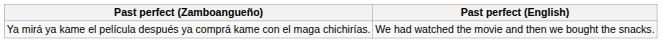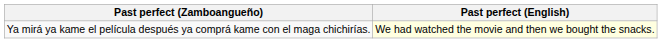 <table class="wikitable">
 <tr>
 <th>Past perfect (Zamboangueño)</th>
 <th>Past perfect (English)</th>
 </tr>
 <tr>
 <td>Ya mirá ya kame el película después ya comprá kame con el maga chichirías.</td>
-<td>We had watched the movie and then we bought the snacks.</td>
+<td style="background: lightyellow;">We had watched the movie and then we bought the snacks.</td>
 </tr>
 </table>
